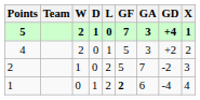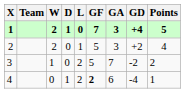 <table class="wikitable sortable">
 <tr>
-<th>Points</th>
+<th>X</th>
 <th>Team</th>
 <th>W</th>
 <th>D</th>
 <th>L</th>
 <th>GF</th>
 <th>GA</th>
 <th>GD</th>
-<th>X</th>
+<th>Points</th>
 </tr>
 <tr style="text-align: center;" bgcolor=#ccffcc>
-<td><strong>5</strong></td>
+<td><strong>1</strong></td>
 <td><strong></strong></td>
 <td><strong>2</strong></td>
 <td><strong>1</strong></td>
 <td><strong>0</strong></td>
 <td><strong>7</strong></td>
 <td><strong>3</strong></td>
 <td><strong>+4</strong></td>
-<td><strong>1</strong></td>
+<td><strong>5</strong></td>
 </tr>
 <tr style="text-align: center;">
-<td>4</td>
+<td>2</td>
 <td></td>
 <td>2</td>
 <td>0</td>
 <td>1</td>
 <td>5</td>
 <td>3</td>
 <td>+2</td>
-<td>2</td>
+<td>4</td>
 </tr>
 <tr -style="text-align: center;">
-<td>2</td>
+<td>3</td>
 <td></td>
 <td>1</td>
 <td>0</td>
 <td>2</td>
 <td>5</td>
 <td>7</td>
 <td>-2</td>
-<td>3</td>
+<td>2</td>
 </tr>
 <tr -style="text-align: center;">
-<td>1</td>
+<td>4</td>
 <td></td>
 <td>0</td>
 <td>1</td>
 <td>2</td>
 <td><strong>2</strong></td>
 <td>6</td>
 <td>-4</td>
-<td>4</td>
+<td>1</td>
 </tr>
 </table>
